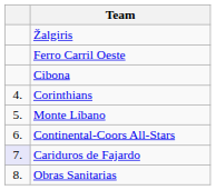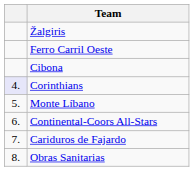 <table class="wikitable" style="text-align:center">
 <tr>
 <th width=25></th>
 <th width=220>Team</th>
 </tr>
 <tr>
 <td></td>
 <td align=left> <a href='#'>Žalgiris</a></td>
 </tr>
 <tr>
 <td></td>
 <td align=left> <a href='#'>Ferro Carril Oeste</a></td>
 </tr>
 <tr>
 <td></td>
 <td align=left> <a href='#'>Cibona</a></td>
 </tr>
 <tr>
-<td>4.</td>
+<td style="background: lavender;">4.</td>
 <td align=left> <a href='#'>Corinthians</a></td>
 </tr>
 <tr>
 <td>5.</td>
 <td align=left> <a href='#'>Monte Líbano</a></td>
 </tr>
 <tr>
 <td>6.</td>
 <td align=left> <a href='#'>Continental-Coors All-Stars</a></td>
 </tr>
 <tr>
-<td style="background: lavender;">7.</td>
+<td>7.</td>
 <td align=left> <a href='#'>Cariduros de Fajardo</a></td>
 </tr>
 <tr>
 <td>8.</td>
 <td align=left> <a href='#'>Obras Sanitarias</a></td>
 </tr>
 </table>
